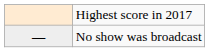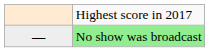 <table class="wikitable">
 <tr>
 <th width="75px" style="background:#FFEBD2; text-align:center" scope="row"></th>
 <td>Highest score in 2017</td>
 </tr>
 <tr>
 <th width="75px" style="background:#eee; text-align:center" scope="row">—</th>
-<td>No show was broadcast</td>
+<td style="background: lightgreen;">No show was broadcast</td>
 </tr>
 </table>
